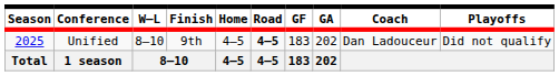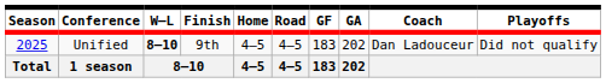 <table class=wikitable style="text-align:center;">
 <tr>
 <th style="background:#FFFFFF;border-top:black 5px solid;border-bottom:red 5px solid;">Season</th>
 <th style="background:#FFFFFF;border-top:black 5px solid;border-bottom:red 5px solid;">Conference</th>
 <th style="background:#FFFFFF;border-top:black 5px solid;border-bottom:red 5px solid;">W–L</th>
 <th style="background:#FFFFFF;border-top:black 5px solid;border-bottom:red 5px solid;">Finish</th>
 <th style="background:#FFFFFF;border-top:black 5px solid;border-bottom:red 5px solid;">Home</th>
 <th style="background:#FFFFFF;border-top:black 5px solid;border-bottom:red 5px solid;">Road</th>
 <th style="background:#FFFFFF;border-top:black 5px solid;border-bottom:red 5px solid;">GF</th>
 <th style="background:#FFFFFF;border-top:black 5px solid;border-bottom:red 5px solid;">GA</th>
 <th style="background:#FFFFFF;border-top:black 5px solid;border-bottom:red 5px solid;">Coach</th>
 <th style="background:#FFFFFF;border-top:black 5px solid;border-bottom:red 5px solid;">Playoffs</th>
 </tr>
 <tr>
 <td><a href='#'>2025</a></td>
 <td>Unified</td>
-<td>8–10</td>
+<td><strong>8–10</strong></td>
 <td>9th</td>
 <td>4–5</td>
-<td><strong>4–5</strong></td>
+<td>4–5</td>
 <td>183</td>
 <td>202</td>
 <td>Dan Ladouceur</td>
 <td>Did not qualify</td>
 </tr>
 <tr>
 <th>Total</th>
 <th>1 season</th>
 <th colspan="2">8–10</th>
 <th>4–5</th>
 <th>4–5</th>
 <th>183</th>
 <th>202</th>
 <th colspan="2"></th>
 </tr>
 </table>
